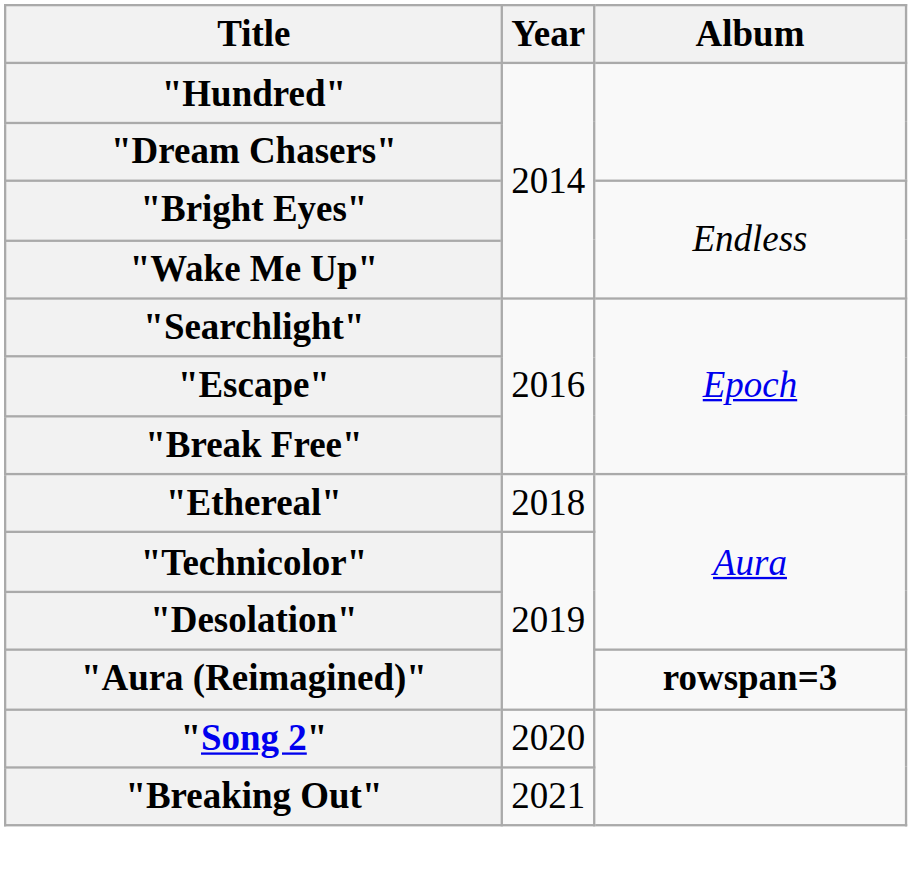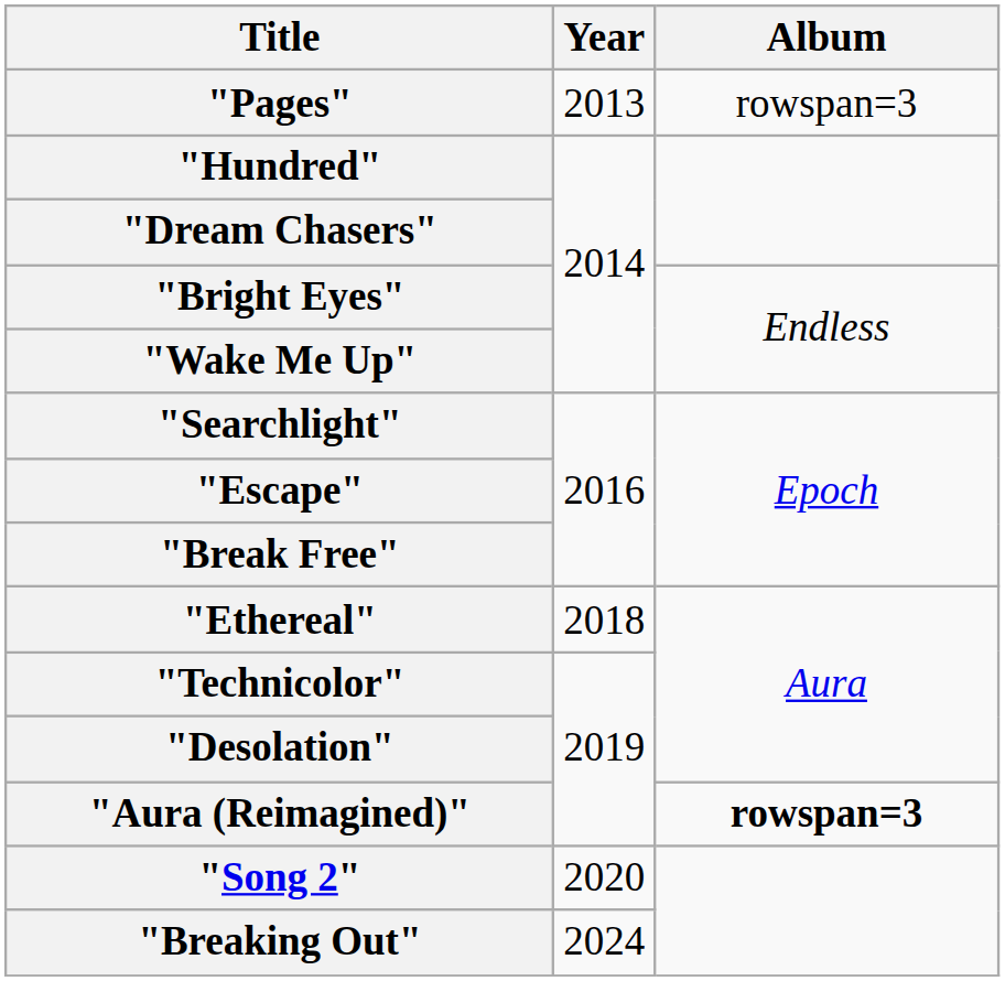 <table class="wikitable plainrowheaders" style="text-align:center;" border="1">
 <tr>
 <th scope="col" style="width:13em;">Title</th>
 <th scope="col" style="width:1em;">Year</th>
 <th scope="col" style="width:8em;">Album</th>
+</tr>
+<tr>
+<th scope="row">"Pages"</th>
+<td>2013</td>
+<td>rowspan=3 </td>
 </tr>
 <tr>
 <th scope="row">"Hundred"</th>
 <td rowspan="4">2014</td>
 </tr>
 <tr>
 <th scope="row">"Dream Chasers"</th>
 </tr>
 <tr>
 <th scope="row">"Bright Eyes"</th>
 <td rowspan="2"><em>Endless</em></td>
 </tr>
 <tr>
 <th scope="row">"Wake Me Up"</th>
 </tr>
 <tr>
 <th scope="row">"Searchlight"</th>
 <td rowspan="3">2016</td>
 <td rowspan="3"><em><a href='#'>Epoch</a></em></td>
 </tr>
 <tr>
 <th scope="row">"Escape"</th>
 </tr>
 <tr>
 <th scope="row">"Break Free"</th>
 </tr>
 <tr>
 <th scope="row">"Ethereal"</th>
 <td>2018</td>
 <td rowspan="3"><em><a href='#'>Aura</a></em></td>
 </tr>
 <tr>
 <th scope="row">"Technicolor"</th>
 <td rowspan="3">2019</td>
 </tr>
 <tr>
 <th scope="row">"Desolation"</th>
 </tr>
 <tr>
 <th scope="row">"Aura (Reimagined)"</th>
 <td><strong>rowspan=3 </strong></td>
 </tr>
 <tr>
 <th scope="row">"<a href='#'>Song 2</a>" </th>
 <td>2020</td>
 </tr>
 <tr>
 <th scope="row">"Breaking Out"</th>
-<td>2021</td>
+<td>2024</td>
 </tr>
 </table>
